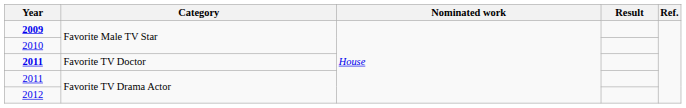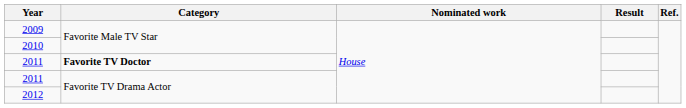 <table class=wikitable>
 <tr>
 <th scope="col" style="width:5em;">Year</th>
 <th scope="col" style="width:26em;">Category</th>
 <th scope="col" style="width:25em;">Nominated work</th>
 <th scope="col" style="width:5em;">Result</th>
 <th>Ref.</th>
 </tr>
 <tr>
-<td style="text-align:center;"><strong><a href='#'>2009</a></strong></td>
+<td style="text-align:center;"><a href='#'>2009</a></td>
 <td rowspan="2">Favorite Male TV Star</td>
 <td rowspan="5"><em><a href='#'>House</a></em></td>
 <td></td>
 <td rowspan="5" style="text-align:center;"></td>
 </tr>
 <tr>
 <td style="text-align:center;"><a href='#'>2010</a></td>
 <td></td>
 </tr>
 <tr>
-<td style="text-align:center;"><strong><a href='#'>2011</a></strong></td>
-<td>Favorite TV Doctor</td>
+<td style="text-align:center;"><a href='#'>2011</a></td>
+<td><strong>Favorite TV Doctor</strong></td>
 <td></td>
 </tr>
 <tr>
 <td style="text-align:center;"><a href='#'>2011</a></td>
 <td rowspan="2">Favorite TV Drama Actor</td>
 <td></td>
 </tr>
 <tr>
 <td style="text-align:center;"><a href='#'>2012</a></td>
 <td></td>
 </tr>
 </table>
